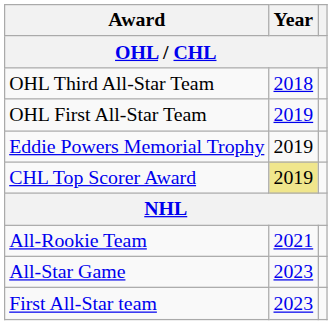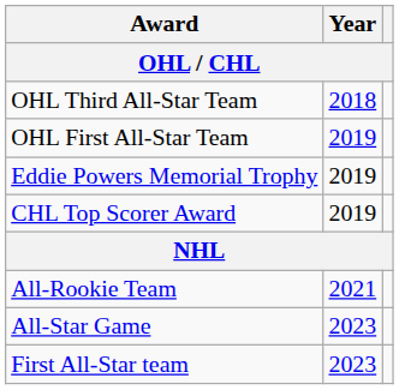 <table class="wikitable">
 <tr>
 <th>Award</th>
 <th>Year</th>
 <th></th>
 </tr>
 <tr>
 <th colspan="3"><a href='#'>OHL</a> / <a href='#'>CHL</a></th>
 </tr>
 <tr>
 <td>OHL Third All-Star Team</td>
 <td><a href='#'>2018</a></td>
 <td></td>
 </tr>
 <tr>
 <td>OHL First All-Star Team</td>
 <td><a href='#'>2019</a></td>
 <td></td>
 </tr>
 <tr>
 <td><a href='#'>Eddie Powers Memorial Trophy</a></td>
 <td>2019</td>
 <td></td>
 </tr>
 <tr>
 <td><a href='#'>CHL Top Scorer Award</a></td>
-<td style="background: khaki;">2019</td>
+<td>2019</td>
 <td></td>
 </tr>
 <tr>
 <th colspan="3"><a href='#'>NHL</a></th>
 </tr>
 <tr>
 <td><a href='#'>All-Rookie Team</a></td>
 <td><a href='#'>2021</a></td>
 <td></td>
 </tr>
 <tr>
 <td><a href='#'>All-Star Game</a></td>
 <td><a href='#'>2023</a></td>
 <td></td>
 </tr>
 <tr>
 <td><a href='#'>First All-Star team</a></td>
 <td><a href='#'>2023</a></td>
 <td></td>
 </tr>
 </table>
